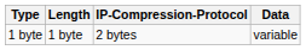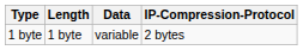 <table class="wikitable">
 <tr>
 <th>Type</th>
 <th>Length</th>
+<th>Data</th>
 <th>IP-Compression-Protocol</th>
-<th>Data</th>
 </tr>
 <tr>
 <td>1 byte</td>
 <td>1 byte</td>
+<td>variable</td>
 <td>2 bytes</td>
-<td>variable</td>
 </tr>
 </table>
